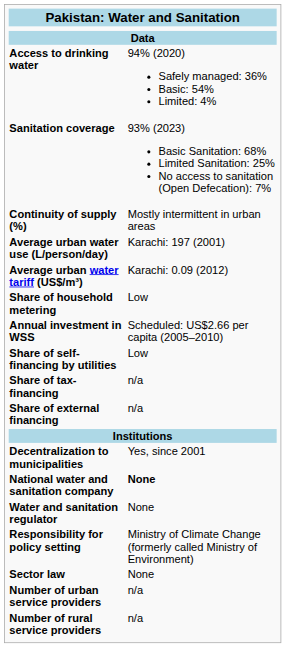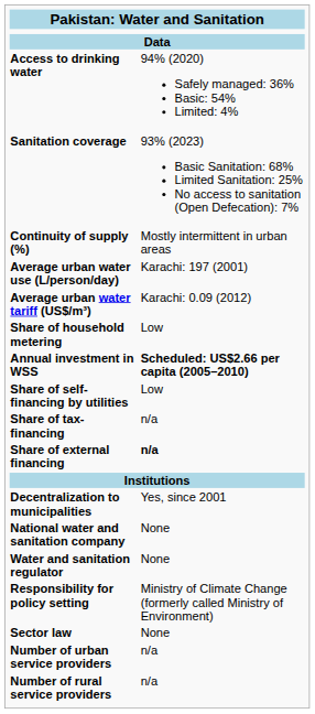 <table style="width: 25em; font-size: 90%; text-align: left;" class="infobox">
 <tr>
 <th align="center" bgcolor="lightblue" colspan="2"><big>Pakistan: Water and Sanitation</big></th>
 </tr>
 <tr>
 <td colspan="2" style="text-align: center;"></td>
 </tr>
 <tr>
 <th align="center" bgcolor="lightblue" colspan="3">Data</th>
 </tr>
 <tr>
 <th align="left" valign="top">Access to drinking water</th>
 <td valign="top">94% (2020)<br><ul><li>Safely managed: 36%</li><li>Basic: 54%</li><li>Limited: 4%</li></ul></td>
 </tr>
 <tr>
 <th align="left" valign="top">Sanitation coverage</th>
 <td valign="top">93% (2023)<br><ul><li>Basic Sanitation: 68%</li><li>Limited Sanitation: 25%</li><li>No access to sanitation (Open Defecation): 7%</li></ul></td>
 </tr>
 <tr>
 <th align="left" valign="top">Continuity of supply (%)</th>
 <td valign="top">Mostly intermittent in urban areas</td>
 </tr>
 <tr>
 <th align="left" valign="top">Average urban water use (L/person/day)</th>
 <td valign="top">Karachi: 197 (2001)</td>
 </tr>
 <tr>
 <th align="left" valign="top">Average urban <a href='#'>water tariff</a> (US$/m³)</th>
 <td valign="top">Karachi: 0.09 (2012)</td>
 </tr>
 <tr>
 <th align="left" valign="top">Share of household metering</th>
 <td valign="top">Low</td>
 </tr>
 <tr>
 <th align="left" valign="top">Annual investment in WSS</th>
-<td valign="top">Scheduled: US$2.66 per capita (2005–2010)</td>
+<td valign="top"><strong>Scheduled: US$2.66 per capita (2005–2010)</strong></td>
 </tr>
 <tr>
 <th align="left" valign="top">Share of self-financing by utilities</th>
 <td valign="top">Low </td>
 </tr>
 <tr>
 <th align="left" valign="top">Share of tax-financing</th>
 <td valign="top">n/a</td>
 </tr>
 <tr>
 <th align="left" valign="top">Share of external financing</th>
-<td valign="top">n/a</td>
+<td valign="top"><strong>n/a</strong></td>
 </tr>
 <tr>
 <th align="center" bgcolor="lightblue" colspan="3">Institutions</th>
 </tr>
 <tr>
 <th align="left" valign="top">Decentralization to municipalities</th>
 <td valign="top">Yes, since 2001</td>
 </tr>
 <tr>
 <th align="left" valign="top">National water and sanitation company</th>
-<td valign="top"><strong>None</strong></td>
+<td valign="top">None</td>
 </tr>
 <tr>
 <th align="left" valign="top">Water and sanitation regulator</th>
 <td valign="top">None</td>
 </tr>
 <tr>
 <th align="left" valign="top">Responsibility for policy setting</th>
 <td valign="top">Ministry of Climate Change (formerly called Ministry of Environment)</td>
 </tr>
 <tr>
 <th align="left" valign="top">Sector law</th>
 <td valign="top">None</td>
 </tr>
 <tr>
 <th align="left" valign="top">Number of urban service providers</th>
 <td valign="top">n/a</td>
 </tr>
 <tr>
 <th align="left" valign="top">Number of rural service providers</th>
 <td valign="top">n/a</td>
 </tr>
 <tr>
 </tr>
 </table>
